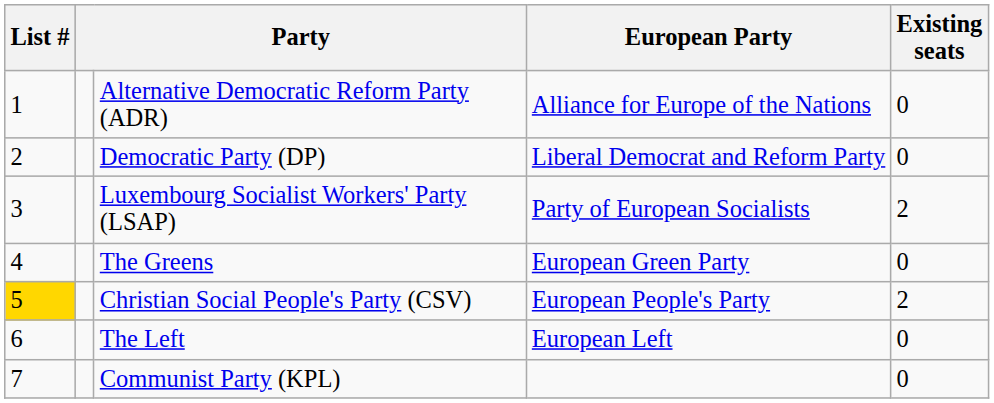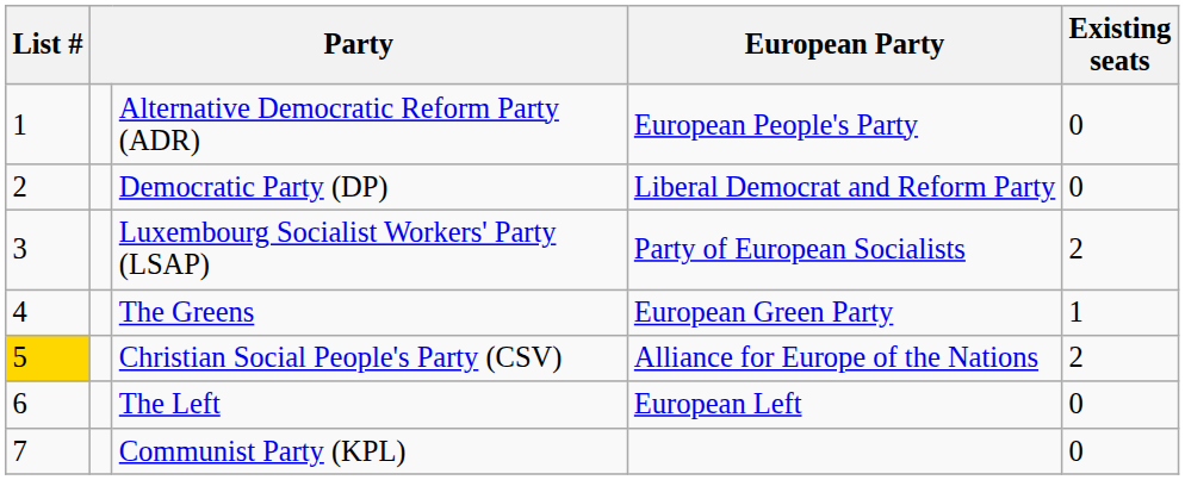 <table class="wikitable">
 <tr>
 <th>List #</th>
 <th colspan=2>Party</th>
 <th>European Party</th>
 <th>Existing <br> seats</th>
 </tr>
 <tr>
 <td>1</td>
 <td style="background-color: "></td>
 <td><a href='#'>Alternative Democratic Reform Party</a> (ADR)</td>
-<td><a href='#'>Alliance for Europe of the Nations</a></td>
+<td><a href='#'>European People's Party</a></td>
 <td>0</td>
 </tr>
 <tr>
 <td>2</td>
 <td style="background-color: "></td>
 <td><a href='#'>Democratic Party</a> (DP)</td>
 <td><a href='#'>Liberal Democrat and Reform Party</a></td>
 <td>0</td>
 </tr>
 <tr>
 <td>3</td>
 <td style="background-color: "></td>
 <td><a href='#'>Luxembourg Socialist Workers' Party</a> (LSAP)</td>
 <td><a href='#'>Party of European Socialists</a></td>
 <td>2</td>
 </tr>
 <tr>
 <td>4</td>
 <td style="background-color: "></td>
 <td><a href='#'>The Greens</a></td>
 <td><a href='#'>European Green Party</a></td>
-<td>0</td>
+<td>1</td>
 </tr>
 <tr>
 <td style="background: gold;">5</td>
 <td style="background-color: "></td>
 <td><a href='#'>Christian Social People's Party</a> (CSV)</td>
-<td><a href='#'>European People's Party</a></td>
+<td><a href='#'>Alliance for Europe of the Nations</a></td>
 <td>2</td>
 </tr>
 <tr>
 <td>6</td>
 <td style="background-color: "></td>
 <td><a href='#'>The Left</a></td>
 <td><a href='#'>European Left</a></td>
 <td>0</td>
 </tr>
 <tr>
 <td>7</td>
 <td width=5px style="background-color: "></td>
 <td width=275px><a href='#'>Communist Party</a> (KPL)</td>
 <td></td>
 <td width=50px>0</td>
 </tr>
 </table>
